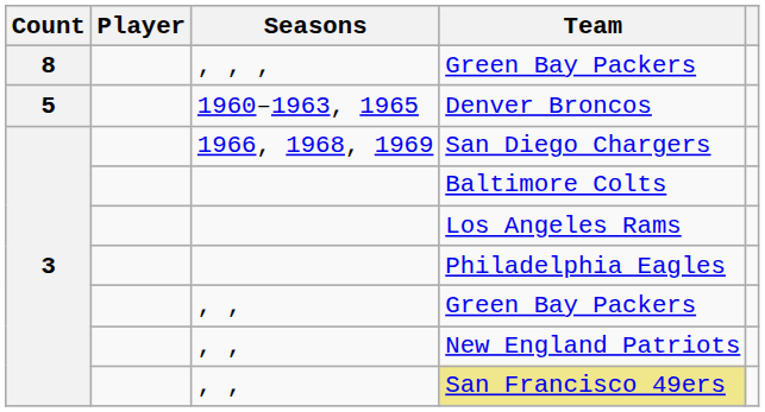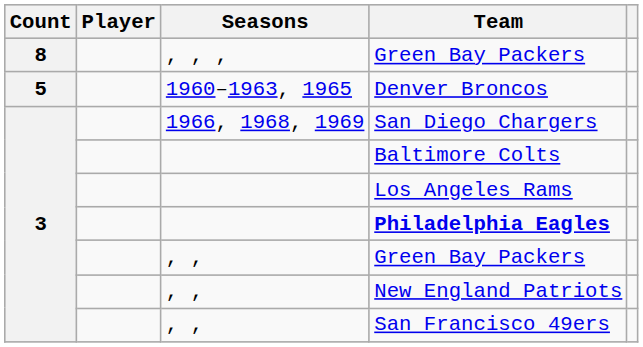 <table class="wikitable sortable">
 <tr>
 <th scope=col>Count</th>
 <th scope=col>Player</th>
 <th scope=col>Seasons</th>
 <th scope=col>Team</th>
 <th scope=col class= "unsortable"></th>
 </tr>
 <tr>
 <th scope=row>8</th>
 <td></td>
 <td>, , , </td>
 <td><a href='#'>Green Bay Packers</a></td>
 <td></td>
 </tr>
 <tr>
 <th scope=row>5</th>
 <td></td>
 <td><a href='#'>1960</a>–<a href='#'>1963</a>, <a href='#'>1965</a></td>
 <td><a href='#'>Denver Broncos</a></td>
 <td></td>
 </tr>
 <tr>
 <th scope=rowgroup rowspan=7>3</th>
 <td></td>
 <td><a href='#'>1966</a>, <a href='#'>1968</a>, <a href='#'>1969</a></td>
 <td><a href='#'>San Diego Chargers</a></td>
 <td></td>
 </tr>
 <tr>
 <td></td>
 <td></td>
 <td><a href='#'>Baltimore Colts</a></td>
 <td></td>
 </tr>
 <tr>
 <td></td>
 <td></td>
 <td><a href='#'>Los Angeles Rams</a></td>
 <td></td>
 </tr>
 <tr>
 <td></td>
 <td></td>
-<td><a href='#'>Philadelphia Eagles</a></td>
+<td><strong><a href='#'>Philadelphia Eagles</a></strong></td>
 <td></td>
 </tr>
 <tr>
 <td></td>
 <td>, , </td>
 <td><a href='#'>Green Bay Packers</a></td>
 <td></td>
 </tr>
 <tr>
 <td></td>
 <td>, , </td>
 <td><a href='#'>New England Patriots</a></td>
 <td></td>
 </tr>
 <tr>
 <td></td>
 <td>, , </td>
-<td style="background: khaki;"><a href='#'>San Francisco 49ers</a></td>
+<td><a href='#'>San Francisco 49ers</a></td>
 <td></td>
 </tr>
 </table>
